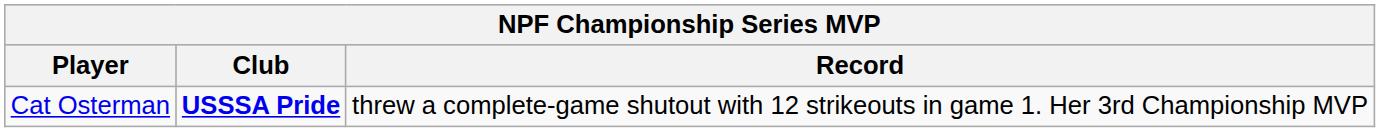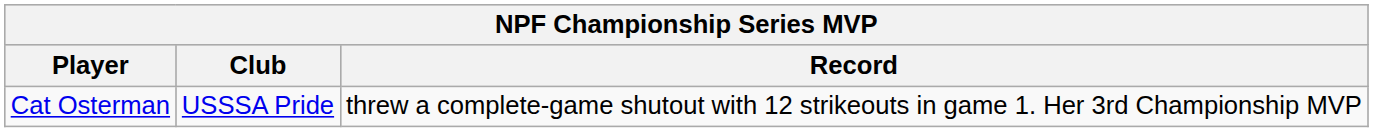 <table class="wikitable">
 <tr>
 <th colspan=3>NPF Championship Series MVP</th>
 </tr>
 <tr>
 <th>Player</th>
 <th>Club</th>
 <th>Record</th>
 </tr>
 <tr>
 <td><a href='#'>Cat Osterman</a></td>
-<td><strong><a href='#'>USSSA Pride</a></strong></td>
+<td><a href='#'>USSSA Pride</a></td>
 <td>threw a complete-game shutout with 12 strikeouts in game 1. Her 3rd Championship MVP</td>
 </tr>
 </table>
